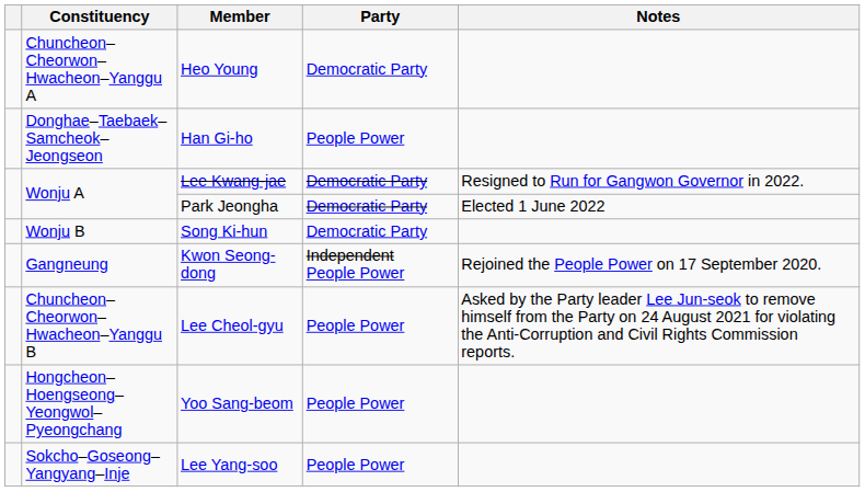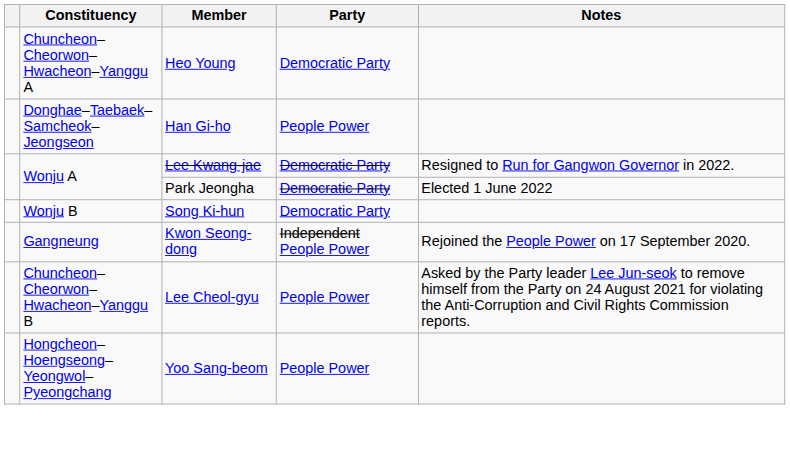 <table class="wikitable sortable">
 <tr>
 <th scope="col" style="width:10px;" class="unsortable"></th>
 <th scope="col" style="width:150px;">Constituency</th>
 <th scope="col" style="width:120px;">Member</th>
 <th scope="col" style="width:150px;">Party</th>
 <th scope="col" style="width:400px;" class="unsortable">Notes</th>
 </tr>
 <tr>
 <td scope="row" style="background-color:"></td>
 <td><a href='#'>Chuncheon</a>–<a href='#'>Cheorwon</a>–<a href='#'>Hwacheon</a>–<a href='#'>Yanggu</a> A</td>
 <td><a href='#'>Heo Young</a></td>
 <td><a href='#'>Democratic Party</a></td>
 <td></td>
 </tr>
 <tr>
 <td scope="row" style="background-color:"></td>
 <td><a href='#'>Donghae</a>–<a href='#'>Taebaek</a>–<a href='#'>Samcheok</a>–<a href='#'>Jeongseon</a></td>
 <td><a href='#'>Han Gi-ho</a></td>
 <td><a href='#'>People Power</a></td>
 <td></td>
 </tr>
 <tr>
 <td rowspan="2" scope="row" style="background-color:"></td>
 <td rowspan="2"><a href='#'>Wonju</a> A</td>
 <td><s><a href='#'>Lee Kwang-jae</a></s></td>
 <td><s><a href='#'>Democratic Party</a></s></td>
 <td>Resigned to <a href='#'>Run for Gangwon Governor</a> in 2022.</td>
 </tr>
 <tr>
 <td>Park Jeongha</td>
 <td><s><a href='#'>Democratic Party</a></s></td>
 <td>Elected 1 June 2022</td>
 </tr>
 <tr>
 <td scope="row" style="background-color:"></td>
 <td><a href='#'>Wonju</a> B</td>
 <td><a href='#'>Song Ki-hun</a></td>
 <td><a href='#'>Democratic Party</a></td>
 <td></td>
 </tr>
 <tr>
 <td scope="row" style="background-color:"></td>
 <td><a href='#'>Gangneung</a></td>
 <td><a href='#'>Kwon Seong-dong</a></td>
 <td><s>Independent</s><br><a href='#'>People Power</a></td>
 <td>Rejoined the <a href='#'>People Power</a> on 17 September 2020.</td>
 </tr>
 <tr>
 <td scope="row" style="background-color:"></td>
 <td><a href='#'>Chuncheon</a>–<a href='#'>Cheorwon</a>–<a href='#'>Hwacheon</a>–<a href='#'>Yanggu</a> B</td>
 <td><a href='#'>Lee Cheol-gyu</a></td>
 <td><a href='#'>People Power</a></td>
 <td>Asked by the Party leader <a href='#'>Lee Jun-seok</a> to remove himself from the Party on 24 August 2021 for violating the Anti-Corruption and Civil Rights Commission reports.</td>
 </tr>
 <tr>
 <td scope="row" style="background-color:"></td>
 <td><a href='#'>Hongcheon</a>–<a href='#'>Hoengseong</a>–<a href='#'>Yeongwol</a>–<a href='#'>Pyeongchang</a></td>
 <td><a href='#'>Yoo Sang-beom</a></td>
 <td><a href='#'>People Power</a></td>
 <td></td>
 </tr>
-<tr>
-<td scope="row" style="background-color:"></td>
-<td><a href='#'>Sokcho</a>–<a href='#'>Goseong</a>–<a href='#'>Yangyang</a>–<a href='#'>Inje</a></td>
-<td><a href='#'>Lee Yang-soo</a></td>
-<td><a href='#'>People Power</a></td>
-<td></td>
-</tr>
 </table>
